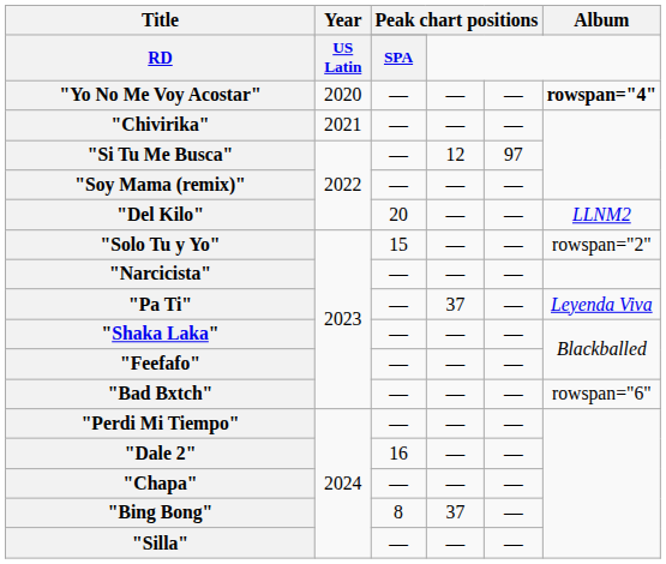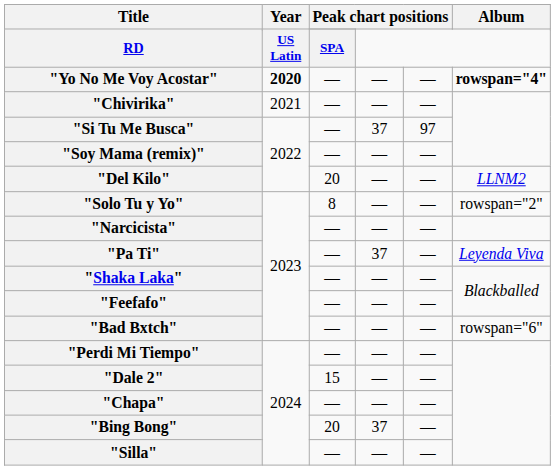 <table class="wikitable plainrowheaders" style="text-align:center">
 <tr>
 <th scope="col" rowspan="2" style="width:16em">Title</th>
 <th scope="col" rowspan="2" style="width:1em">Year</th>
 <th scope="col" colspan="3">Peak chart positions</th>
 <th scope="col" rowspan="2">Album</th>
 </tr>
 <tr>
 </tr>
 <tr>
 <th scope="col" style="width:3em;font-size:90%;"><a href='#'>RD</a><br></th>
 <th scope="col" style="width:3em;font-size:85%;"><a href='#'>US<br>Latin</a><br></th>
 <th scope="col" style="width:3em;font-size:85%;"><a href='#'>SPA</a><br></th>
 </tr>
 <tr>
 <th scope="row">"Yo No Me Voy Acostar"<br></th>
-<td rowspan="1">2020</td>
+<td rowspan="1"><strong>2020</strong></td>
 <td>—</td>
 <td>—</td>
 <td>—</td>
 <td><strong>rowspan="4" </strong></td>
 </tr>
 <tr>
 <th scope="row">"Chivirika"<br></th>
 <td rowspan="1">2021</td>
 <td>—</td>
 <td>—</td>
 <td>—</td>
 </tr>
 <tr>
 <th scope="row">"Si Tu Me Busca"<br></th>
 <td rowspan="3">2022</td>
 <td>—</td>
-<td>12</td>
+<td>37</td>
 <td>97</td>
 </tr>
 <tr>
 <th scope="row">"Soy Mama (remix)"<br></th>
 <td>—</td>
 <td>—</td>
 <td>—</td>
 </tr>
 <tr>
 <th scope="row">"Del Kilo"<br></th>
 <td>20</td>
 <td>—</td>
 <td>—</td>
 <td><em><a href='#'>LLNM2</a></em></td>
 </tr>
 <tr>
 <th scope="row">"Solo Tu y Yo"<br></th>
 <td rowspan="6">2023</td>
-<td>15</td>
+<td>8</td>
 <td>—</td>
 <td>—</td>
 <td>rowspan="2" </td>
 </tr>
 <tr>
 <th scope="row">"Narcicista"</th>
 <td>—</td>
 <td>—</td>
 <td>—</td>
 </tr>
 <tr>
 <th scope="row">"Pa Ti"<br></th>
 <td>—</td>
 <td>37</td>
 <td>—</td>
 <td><em><a href='#'>Leyenda Viva</a></em></td>
 </tr>
 <tr>
 <th scope="row">"<a href='#'>Shaka Laka</a>"<br></th>
 <td>—</td>
 <td>—</td>
 <td>—</td>
 <td rowspan="2"><em>Blackballed</em></td>
 </tr>
 <tr>
 <th scope="row">"Feefafo"<br></th>
 <td>—</td>
 <td>—</td>
 <td>—</td>
 </tr>
 <tr>
 <th scope="row">"Bad Bxtch"</th>
 <td>—</td>
 <td>—</td>
 <td>—</td>
 <td>rowspan="6" </td>
 </tr>
 <tr>
 <th scope="row">"Perdi Mi Tiempo"</th>
 <td rowspan="5">2024</td>
 <td>—</td>
 <td>—</td>
 <td>—</td>
 </tr>
 <tr>
 <th scope="row">"Dale 2"<br></th>
-<td>16</td>
+<td>15</td>
 <td>—</td>
 <td>—</td>
 </tr>
 <tr>
 <th scope="row">"Chapa"<br></th>
 <td>—</td>
 <td>—</td>
 <td>—</td>
 </tr>
 <tr>
 <th scope="row">"Bing Bong"<br></th>
-<td>8</td>
+<td>20</td>
 <td>37</td>
 <td>—</td>
 </tr>
 <tr>
 <th scope="row">"Silla"<br></th>
 <td>—</td>
 <td>—</td>
 <td>—</td>
 </tr>
 </table>
